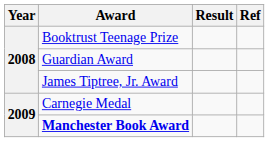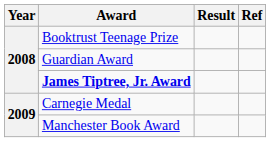 <table class="wikitable sortable">
 <tr>
 <th>Year</th>
 <th>Award</th>
 <th>Result</th>
 <th>Ref</th>
 </tr>
 <tr>
 <th rowspan="3">2008</th>
 <td><a href='#'>Booktrust Teenage Prize</a></td>
 <td></td>
 <td></td>
 </tr>
 <tr>
 <td><a href='#'>Guardian Award</a></td>
 <td></td>
 <td></td>
 </tr>
 <tr>
-<td><a href='#'>James Tiptree, Jr. Award</a></td>
+<td><strong><a href='#'>James Tiptree, Jr. Award</a></strong></td>
 <td></td>
 <td></td>
 </tr>
 <tr>
 <th rowspan="2">2009</th>
 <td><a href='#'>Carnegie Medal</a></td>
 <td></td>
 <td></td>
 </tr>
 <tr>
-<td><strong><a href='#'>Manchester Book Award</a></strong></td>
+<td><a href='#'>Manchester Book Award</a></td>
 <td></td>
 <td></td>
 </tr>
 </table>
